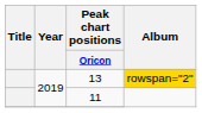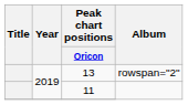 <table class="wikitable plainrowheaders" style="text-align:center;">
 <tr>
 <th scope="col" rowspan="2">Title</th>
 <th scope="col" rowspan="2">Year</th>
 <th scope="col" colspan="1">Peak <br> chart <br> positions</th>
 <th scope="col" rowspan="2">Album</th>
 </tr>
 <tr>
 <th scope="col" style="width:2.5em;"><small><a href='#'>Oricon</a></small></th>
 </tr>
 <tr>
 <th scope="row"><em></th>
 <td rowspan="2">2019</td>
 <td>13</td>
-<td style="background: gold;">rowspan="2" </td>
+<td>rowspan="2" </td>
 </tr>
 <tr>
 <th scope="row"></th>
 <td>11</td>
 </tr>
 <tr>
 </tr>
 </table>
